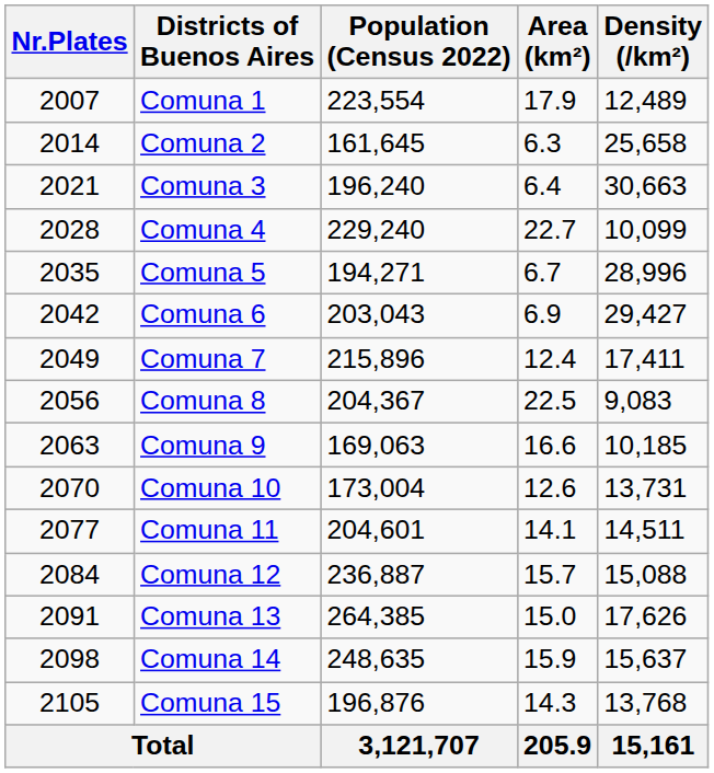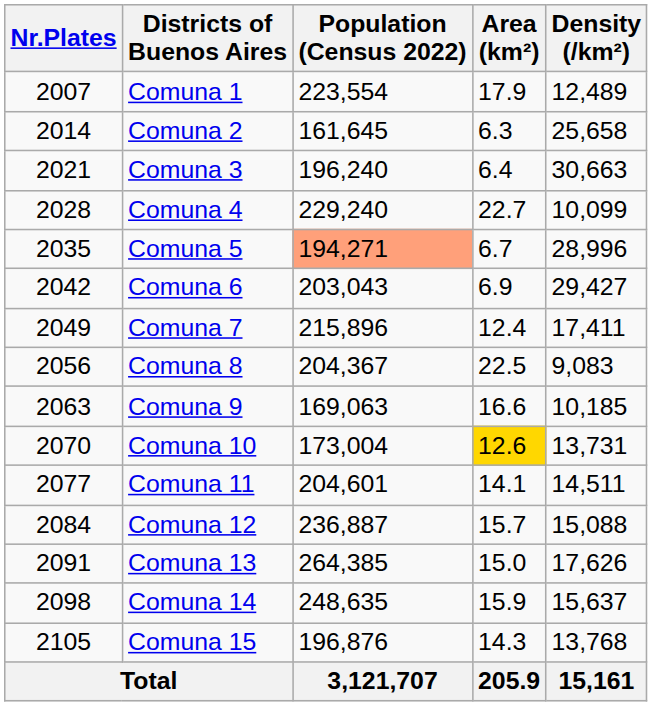 <table class="wikitable sortable sticky-header sort-under col1left" >
 <tr>
 <th><a href='#'>Nr.Plates</a></th>
 <th>Districts of<br>Buenos Aires</th>
 <th>Population<br>(Census 2022)</th>
 <th>Area<br>(km²)</th>
 <th>Density<br>(/km²)</th>
 </tr>
 <tr>
 <td style="text-align:center;">2007</td>
 <td style="text-align:left;"><a href='#'>Comuna 1</a></td>
 <td>223,554</td>
 <td>17.9</td>
 <td>12,489</td>
 </tr>
 <tr>
 <td style="text-align:center;">2014</td>
 <td style="text-align:left;"><a href='#'>Comuna 2</a></td>
 <td>161,645</td>
 <td>6.3</td>
 <td>25,658</td>
 </tr>
 <tr>
 <td style="text-align:center;">2021</td>
 <td style="text-align:left;"><a href='#'>Comuna 3</a></td>
 <td>196,240</td>
 <td>6.4</td>
 <td>30,663</td>
 </tr>
 <tr>
 <td style="text-align:center;">2028</td>
 <td style="text-align:left;"><a href='#'>Comuna 4</a></td>
 <td>229,240</td>
 <td>22.7</td>
 <td>10,099</td>
 </tr>
 <tr>
 <td style="text-align:center;">2035</td>
 <td style="text-align:left;"><a href='#'>Comuna 5</a></td>
-<td>194,271</td>
+<td style="background: lightsalmon;">194,271</td>
 <td>6.7</td>
 <td>28,996</td>
 </tr>
 <tr>
 <td style="text-align:center;">2042</td>
 <td style="text-align:left;"><a href='#'>Comuna 6</a></td>
 <td>203,043</td>
 <td>6.9</td>
 <td>29,427</td>
 </tr>
 <tr>
 <td style="text-align:center;">2049</td>
 <td style="text-align:left;"><a href='#'>Comuna 7</a></td>
 <td>215,896</td>
 <td>12.4</td>
 <td>17,411</td>
 </tr>
 <tr>
 <td style="text-align:center;">2056</td>
 <td style="text-align:left;"><a href='#'>Comuna 8</a></td>
 <td>204,367</td>
 <td>22.5</td>
 <td>9,083</td>
 </tr>
 <tr>
 <td style="text-align:center;">2063</td>
 <td style="text-align:left;"><a href='#'>Comuna 9</a></td>
 <td>169,063</td>
 <td>16.6</td>
 <td>10,185</td>
 </tr>
 <tr>
 <td style="text-align:center;">2070</td>
 <td style="text-align:left;"><a href='#'>Comuna 10</a></td>
 <td>173,004</td>
-<td>12.6</td>
+<td style="background: gold;">12.6</td>
 <td>13,731</td>
 </tr>
 <tr>
 <td style="text-align:center;">2077</td>
 <td style="text-align:left;"><a href='#'>Comuna 11</a></td>
 <td>204,601</td>
 <td>14.1</td>
 <td>14,511</td>
 </tr>
 <tr>
 <td style="text-align:center;">2084</td>
 <td style="text-align:left;"><a href='#'>Comuna 12</a></td>
 <td>236,887</td>
 <td>15.7</td>
 <td>15,088</td>
 </tr>
 <tr>
 <td style="text-align:center;">2091</td>
 <td style="text-align:left;"><a href='#'>Comuna 13</a></td>
 <td>264,385</td>
 <td>15.0</td>
 <td>17,626</td>
 </tr>
 <tr>
 <td style="text-align:center;">2098</td>
 <td style="text-align:left;"><a href='#'>Comuna 14</a></td>
 <td>248,635</td>
 <td>15.9</td>
 <td>15,637</td>
 </tr>
 <tr>
 <td style="text-align:center;">2105</td>
 <td style="text-align:left;"><a href='#'>Comuna 15</a></td>
 <td>196,876</td>
 <td>14.3</td>
 <td>13,768</td>
 </tr>
 <tr class=sortbottom>
 <th style="text-align:center;" colspan="2">Total </th>
 <th>3,121,707</th>
 <th>205.9</th>
 <th>15,161</th>
 </tr>
 </table>
